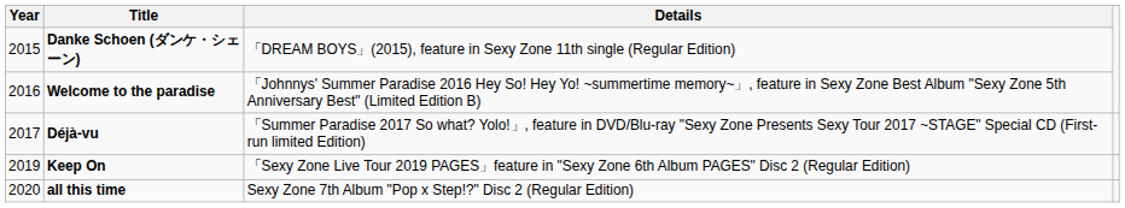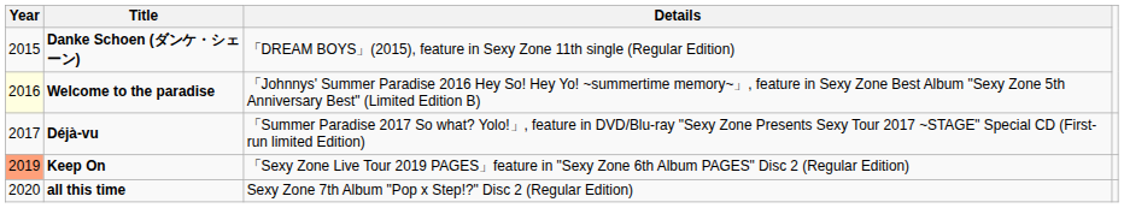 <table class="wikitable">
 <tr>
 <th>Year</th>
 <th>Title</th>
 <th>Details</th>
 </tr>
 <tr>
 <td>2015</td>
 <td><strong>Danke Schoen (ダンケ・シェーン)</strong></td>
 <td>「DREAM BOYS」(2015), feature in Sexy Zone 11th single  (Regular Edition)</td>
 </tr>
 <tr>
-<td>2016</td>
+<td style="background: lightyellow;">2016</td>
 <td><strong>Welcome to the paradise</strong></td>
 <td>「Johnnys' Summer Paradise 2016 Hey So! Hey Yo! ~summertime memory~」, feature in Sexy Zone Best Album "Sexy Zone 5th Anniversary Best" (Limited Edition B)</td>
 </tr>
 <tr>
 <td>2017</td>
 <td><strong>Déjà-vu</strong></td>
 <td>「Summer Paradise 2017 So what? Yolo!」, feature in DVD/Blu-ray "Sexy Zone Presents Sexy Tour 2017 ~STAGE" Special CD (First-run limited Edition)</td>
 <td></td>
 </tr>
 <tr>
-<td>2019</td>
+<td style="background: lightsalmon;">2019</td>
 <td><strong>Keep On</strong></td>
 <td>「Sexy Zone Live Tour 2019 PAGES」feature in "Sexy Zone 6th Album PAGES" Disc 2 (Regular Edition)</td>
 <td></td>
 </tr>
 <tr>
 <td>2020</td>
 <td><strong>all this time</strong></td>
 <td>Sexy Zone 7th Album "Pop x Step!?" Disc 2 (Regular Edition)</td>
 </tr>
 </table>
